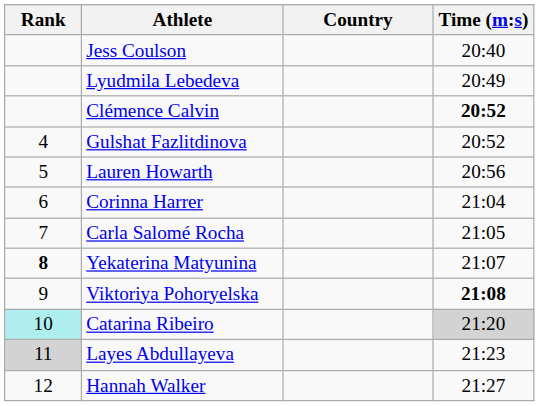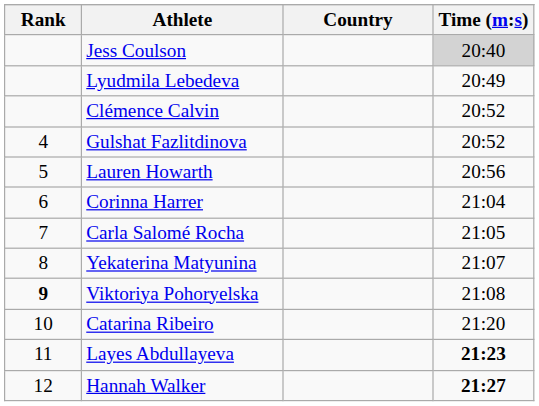 <table class="wikitable" style="width:50%;">
 <tr>
 </tr>
 <tr>
 <th width=5%>Rank</th>
 <th width=20%>Athlete</th>
 <th width=15%>Country</th>
 <th width=10%>Time (<a href='#'>m</a>:<a href='#'>s</a>)</th>
 </tr>
 <tr style="text-align:center;">
 <td></td>
 <td style="text-align:left;"><a href='#'>Jess Coulson</a></td>
 <td style="text-align:left;"></td>
-<td>20:40</td>
+<td style="background: lightgrey;">20:40</td>
 </tr>
 <tr style="text-align:center;">
 <td></td>
 <td style="text-align:left;"><a href='#'>Lyudmila Lebedeva</a></td>
 <td style="text-align:left;"></td>
 <td>20:49</td>
 </tr>
 <tr style="text-align:center;">
 <td></td>
 <td style="text-align:left;"><a href='#'>Clémence Calvin</a></td>
 <td style="text-align:left;"></td>
-<td><strong>20:52</strong></td>
+<td>20:52</td>
 </tr>
 <tr style="text-align:center;">
 <td>4</td>
 <td style="text-align:left;"><a href='#'>Gulshat Fazlitdinova</a></td>
 <td style="text-align:left;"></td>
 <td>20:52</td>
 </tr>
 <tr style="text-align:center;">
 <td>5</td>
 <td style="text-align:left;"><a href='#'>Lauren Howarth</a></td>
 <td style="text-align:left;"></td>
 <td>20:56</td>
 </tr>
 <tr style="text-align:center;">
 <td>6</td>
 <td style="text-align:left;"><a href='#'>Corinna Harrer</a></td>
 <td style="text-align:left;"></td>
 <td>21:04</td>
 </tr>
 <tr style="text-align:center;">
 <td>7</td>
 <td style="text-align:left;"><a href='#'>Carla Salomé Rocha</a></td>
 <td style="text-align:left;"></td>
 <td>21:05</td>
 </tr>
 <tr style="text-align:center;">
-<td><strong>8</strong></td>
+<td>8</td>
 <td style="text-align:left;"><a href='#'>Yekaterina Matyunina</a></td>
 <td style="text-align:left;"></td>
 <td>21:07</td>
 </tr>
 <tr style="text-align:center;">
-<td>9</td>
+<td><strong>9</strong></td>
 <td style="text-align:left;"><a href='#'>Viktoriya Pohoryelska</a></td>
 <td style="text-align:left;"></td>
-<td><strong>21:08</strong></td>
+<td>21:08</td>
 </tr>
 <tr style="text-align:center;">
-<td style="background: paleturquoise;">10</td>
+<td>10</td>
 <td style="text-align:left;"><a href='#'>Catarina Ribeiro</a></td>
 <td style="text-align:left;"></td>
-<td style="background: lightgrey;">21:20</td>
+<td>21:20</td>
 </tr>
 <tr style="text-align:center;">
-<td style="background: lightgrey;">11</td>
+<td>11</td>
 <td style="text-align:left;"><a href='#'>Layes Abdullayeva</a></td>
 <td style="text-align:left;"></td>
-<td>21:23</td>
+<td><strong>21:23</strong></td>
 </tr>
 <tr style="text-align:center;">
 <td>12</td>
 <td style="text-align:left;"><a href='#'>Hannah Walker</a></td>
 <td style="text-align:left;"></td>
-<td>21:27</td>
+<td><strong>21:27</strong></td>
 </tr>
 </table>
